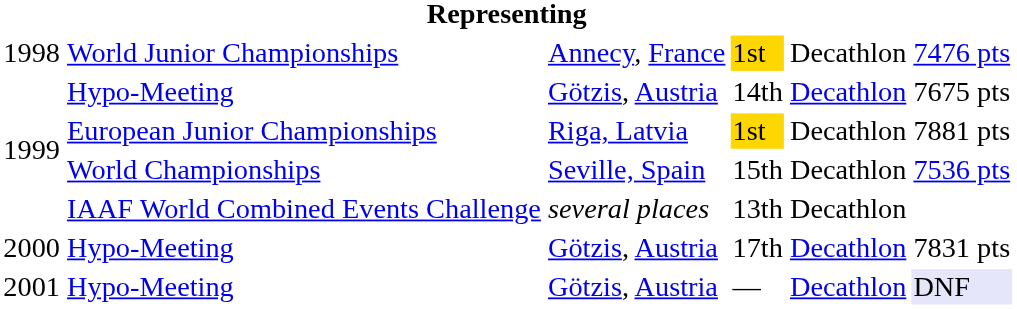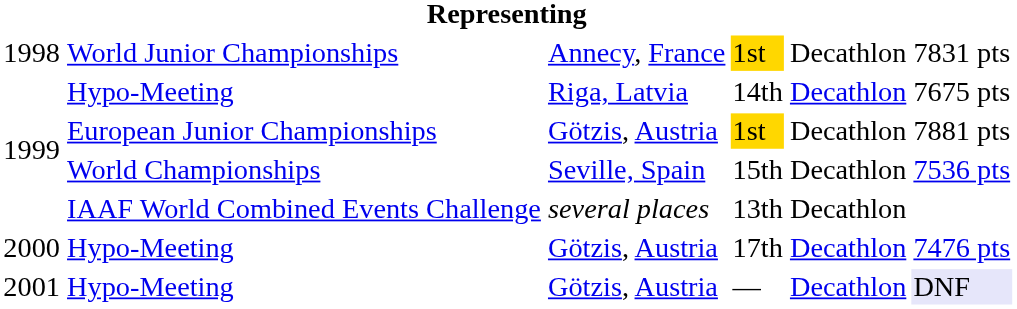 <table>
 <tr>
 <th colspan="6">Representing </th>
 </tr>
 <tr>
 <td>1998</td>
 <td><a href='#'>World Junior Championships</a></td>
 <td><a href='#'>Annecy</a>, <a href='#'>France</a></td>
 <td bgcolor="gold">1st</td>
 <td>Decathlon</td>
-<td><a href='#'>7476 pts</a></td>
+<td>7831 pts</td>
 </tr>
 <tr>
 <td rowspan=4>1999</td>
 <td><a href='#'>Hypo-Meeting</a></td>
-<td><a href='#'>Götzis</a>, <a href='#'>Austria</a></td>
+<td><a href='#'>Riga, Latvia</a></td>
 <td>14th</td>
 <td><a href='#'>Decathlon</a></td>
 <td>7675 pts</td>
 </tr>
 <tr>
 <td><a href='#'>European Junior Championships</a></td>
-<td><a href='#'>Riga, Latvia</a></td>
+<td><a href='#'>Götzis</a>, <a href='#'>Austria</a></td>
 <td bgcolor="gold">1st</td>
 <td>Decathlon</td>
 <td>7881 pts</td>
 </tr>
 <tr>
 <td><a href='#'>World Championships</a></td>
 <td><a href='#'>Seville, Spain</a></td>
 <td>15th</td>
 <td>Decathlon</td>
 <td><a href='#'>7536 pts</a></td>
 </tr>
 <tr>
 <td><a href='#'>IAAF World Combined Events Challenge</a></td>
 <td><em>several places</em></td>
 <td>13th</td>
 <td>Decathlon</td>
 <td></td>
 </tr>
 <tr>
 <td>2000</td>
 <td><a href='#'>Hypo-Meeting</a></td>
 <td><a href='#'>Götzis</a>, <a href='#'>Austria</a></td>
 <td>17th</td>
 <td><a href='#'>Decathlon</a></td>
-<td>7831 pts</td>
+<td><a href='#'>7476 pts</a></td>
 </tr>
 <tr>
 <td>2001</td>
 <td><a href='#'>Hypo-Meeting</a></td>
 <td><a href='#'>Götzis</a>, <a href='#'>Austria</a></td>
 <td>—</td>
 <td><a href='#'>Decathlon</a></td>
 <td style="background: lavender;">DNF</td>
 </tr>
 </table>
